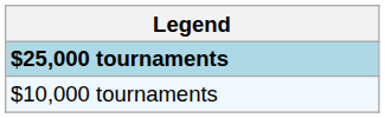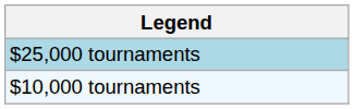 <table class="wikitable"  style="font-size:87%; width:15%;">
 <tr>
 <th>Legend</th>
 </tr>
 <tr style="background:lightblue;">
-<td><strong>$25,000 tournaments</strong></td>
+<td>$25,000 tournaments</td>
 </tr>
 <tr style="background:#f0f8ff;">
 <td>$10,000 tournaments</td>
 </tr>
 </table>
